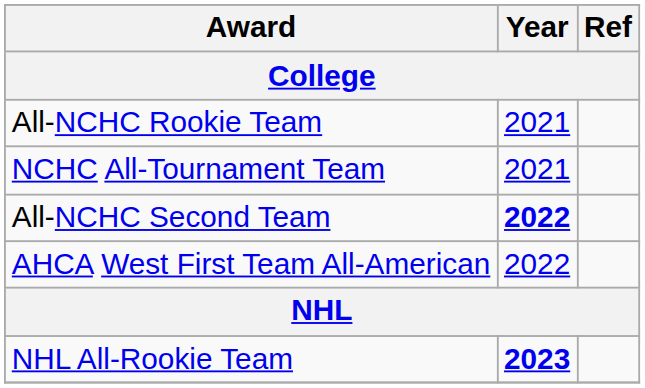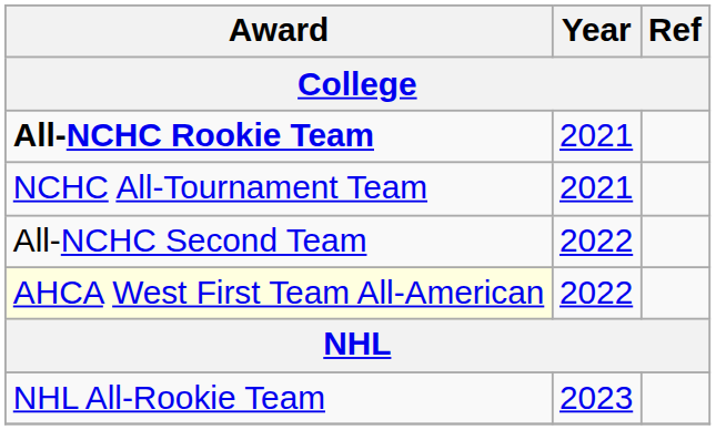 <table class="wikitable">
 <tr>
 <th>Award</th>
 <th>Year</th>
 <th>Ref</th>
 </tr>
 <tr>
 <th colspan="3"><a href='#'>College</a></th>
 </tr>
 <tr>
-<td>All-<a href='#'>NCHC Rookie Team</a></td>
+<td><strong>All-<a href='#'>NCHC Rookie Team</a></strong></td>
 <td><a href='#'>2021</a></td>
 <td></td>
 </tr>
 <tr>
 <td><a href='#'>NCHC</a> <a href='#'>All-Tournament Team</a></td>
 <td><a href='#'>2021</a></td>
 <td></td>
 </tr>
 <tr>
 <td>All-<a href='#'>NCHC Second Team</a></td>
-<td><strong><a href='#'>2022</a></strong></td>
+<td><a href='#'>2022</a></td>
 <td></td>
 </tr>
 <tr>
-<td><a href='#'>AHCA</a> <a href='#'>West First Team All-American</a></td>
+<td style="background: lightyellow;"><a href='#'>AHCA</a> <a href='#'>West First Team All-American</a></td>
 <td><a href='#'>2022</a></td>
 <td></td>
 </tr>
 <tr>
 <th colspan="3"><a href='#'>NHL</a></th>
 </tr>
 <tr>
 <td><a href='#'>NHL All-Rookie Team</a></td>
-<td><strong><a href='#'>2023</a></strong></td>
+<td><a href='#'>2023</a></td>
 <td></td>
 </tr>
 <tr>
 </tr>
 </table>
